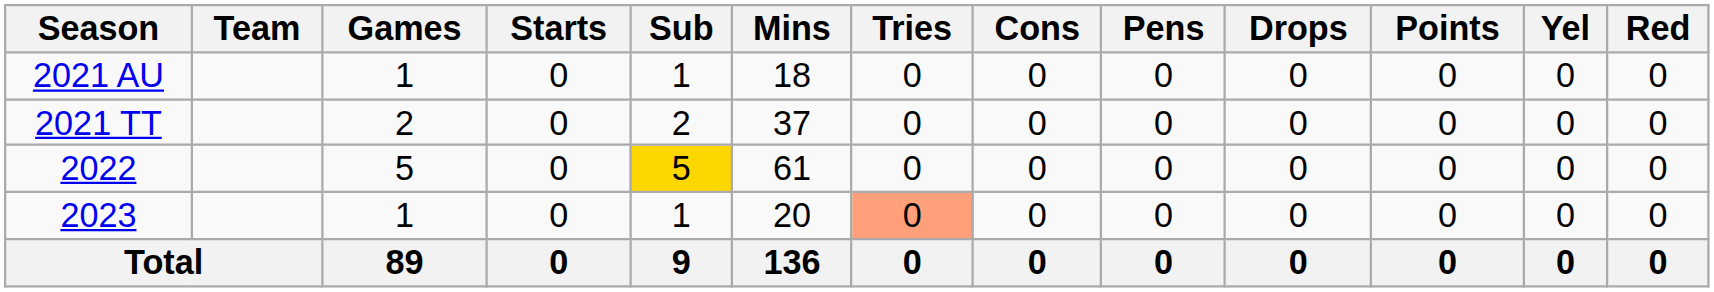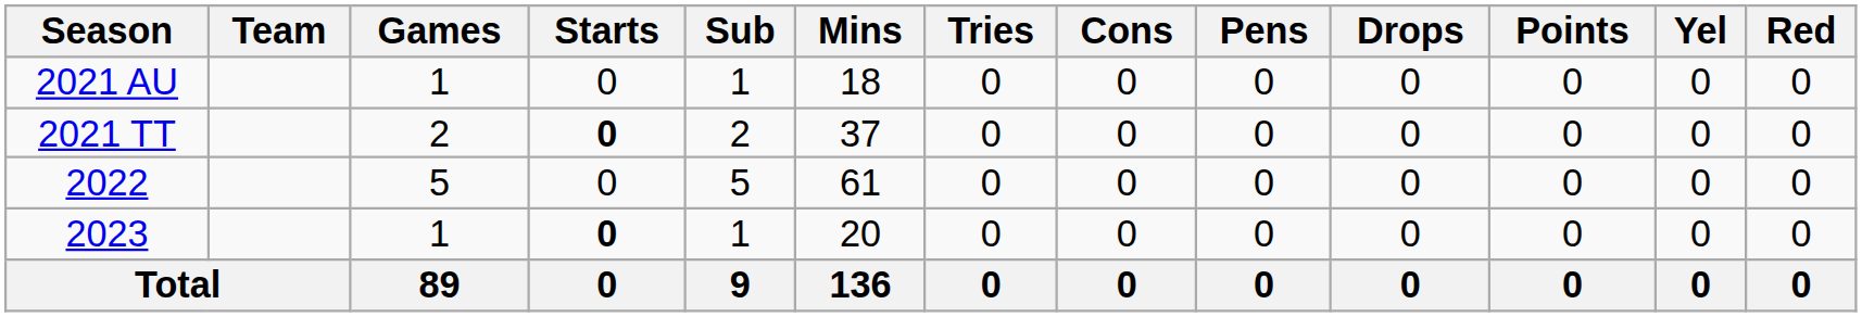 <table class="wikitable" style="text-align:center; line-height:90%; font-size:95%; width:60%;">
 <tr>
 <th>Season</th>
 <th>Team</th>
 <th>Games</th>
 <th>Starts</th>
 <th>Sub</th>
 <th>Mins</th>
 <th>Tries</th>
 <th>Cons</th>
 <th>Pens</th>
 <th>Drops</th>
 <th>Points</th>
 <th>Yel</th>
 <th>Red</th>
 </tr>
 <tr>
 <td><a href='#'>2021 AU</a></td>
 <td></td>
 <td>1</td>
 <td>0</td>
 <td>1</td>
 <td>18</td>
 <td>0</td>
 <td>0</td>
 <td>0</td>
 <td>0</td>
 <td>0</td>
 <td>0</td>
 <td>0</td>
 </tr>
 <tr>
 <td><a href='#'>2021 TT</a></td>
 <td></td>
 <td>2</td>
-<td>0</td>
+<td><strong>0</strong></td>
 <td>2</td>
 <td>37</td>
 <td>0</td>
 <td>0</td>
 <td>0</td>
 <td>0</td>
 <td>0</td>
 <td>0</td>
 <td>0</td>
 </tr>
 <tr>
 <td><a href='#'>2022</a></td>
 <td></td>
 <td>5</td>
 <td>0</td>
-<td style="background: gold;">5</td>
+<td>5</td>
 <td>61</td>
 <td>0</td>
 <td>0</td>
 <td>0</td>
 <td>0</td>
 <td>0</td>
 <td>0</td>
 <td>0</td>
 </tr>
 <tr>
 <td><a href='#'>2023</a></td>
 <td></td>
 <td>1</td>
-<td>0</td>
+<td><strong>0</strong></td>
 <td>1</td>
 <td>20</td>
-<td style="background: lightsalmon;">0</td>
+<td>0</td>
 <td>0</td>
 <td>0</td>
 <td>0</td>
 <td>0</td>
 <td>0</td>
 <td>0</td>
 </tr>
 <tr>
 <th colspan="2">Total</th>
 <th>89</th>
 <th>0</th>
 <th>9</th>
 <th>136</th>
 <th>0</th>
 <th>0</th>
 <th>0</th>
 <th>0</th>
 <th>0</th>
 <th>0</th>
 <th>0</th>
 </tr>
 </table>
